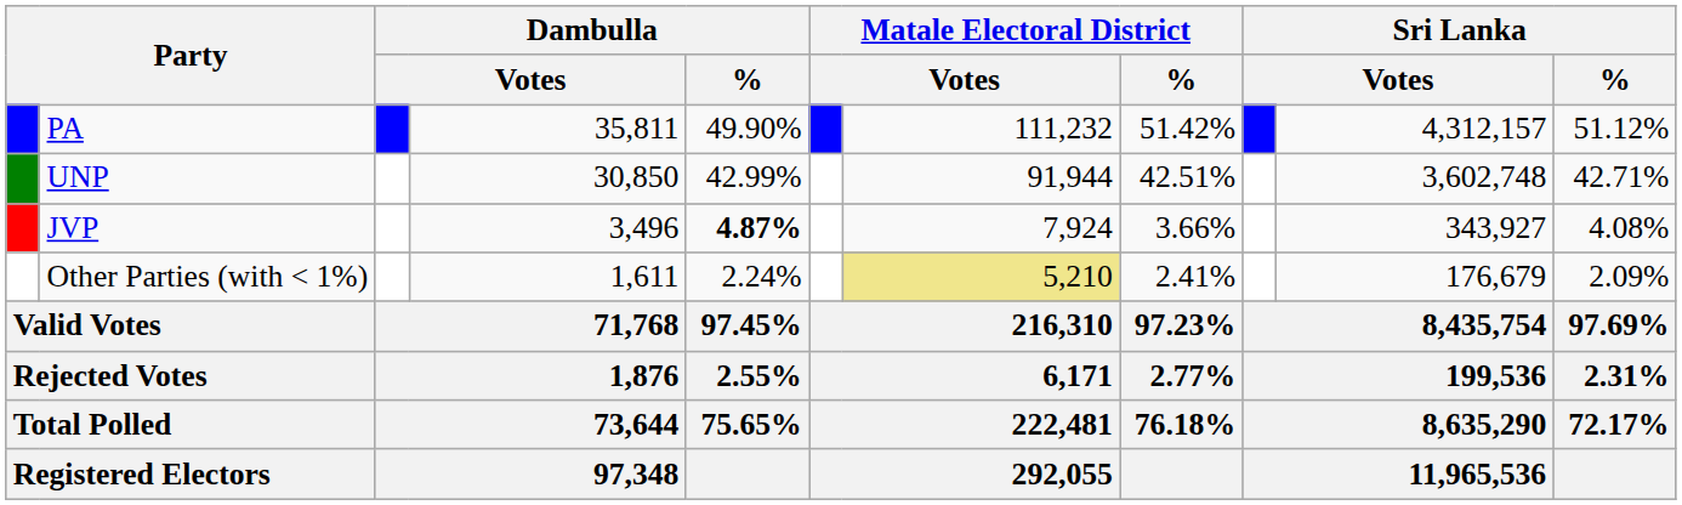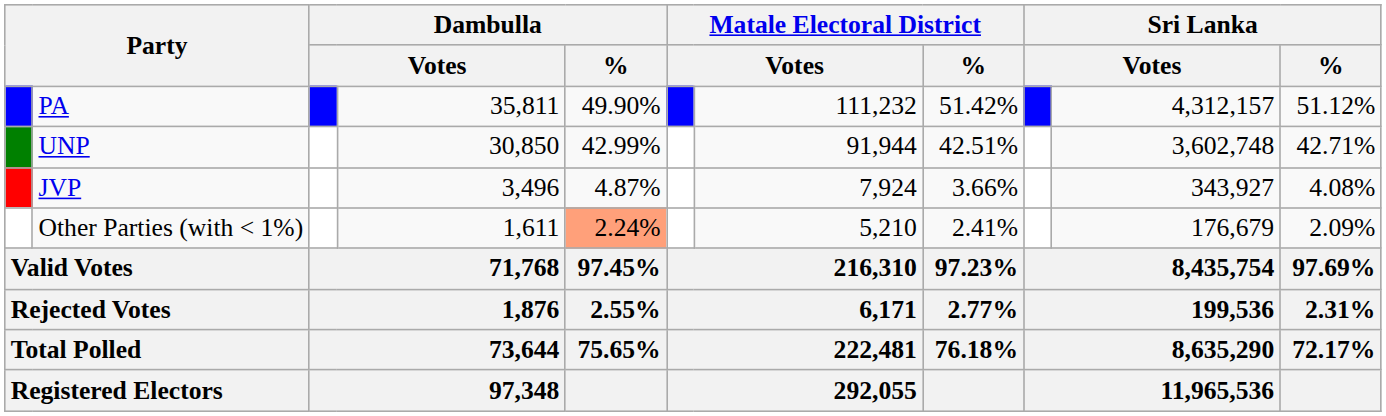 <table class="wikitable">
 <tr>
 <th colspan="2" width="144px"rowspan="2">Party</th>
 <th colspan="3" width="216px">Dambulla</th>
 <th colspan="3" width="216px"><a href='#'>Matale Electoral District</a></th>
 <th colspan="3" width="216px">Sri Lanka</th>
 </tr>
 <tr>
 <th colspan="2" width="144px">Votes</th>
 <th>%</th>
 <th colspan="2" width="144px">Votes</th>
 <th>%</th>
 <th colspan="2" width="144px">Votes</th>
 <th>%</th>
 </tr>
 <tr>
 <td style="background-color:blue;" width="10px"></td>
 <td style="text-align:left;"><a href='#'>PA</a></td>
 <td style="background-color:blue;" width="10px"></td>
 <td style="text-align:right;">35,811</td>
 <td style="text-align:right;">49.90%</td>
 <td style="background-color:blue;" width="10px"></td>
 <td style="text-align:right;">111,232</td>
 <td style="text-align:right;">51.42%</td>
 <td style="background-color:blue;" width="10px"></td>
 <td style="text-align:right;">4,312,157</td>
 <td style="text-align:right;">51.12%</td>
 </tr>
 <tr>
 <td style="background-color:green;" width="10px"></td>
 <td style="text-align:left;"><a href='#'>UNP</a></td>
 <td style="background-color:white;" width="10px"></td>
 <td style="text-align:right;">30,850</td>
 <td style="text-align:right;">42.99%</td>
 <td style="background-color:white;" width="10px"></td>
 <td style="text-align:right;">91,944</td>
 <td style="text-align:right;">42.51%</td>
 <td style="background-color:white;" width="10px"></td>
 <td style="text-align:right;">3,602,748</td>
 <td style="text-align:right;">42.71%</td>
 </tr>
 <tr>
 <td style="background-color:red;" width="10px"></td>
 <td style="text-align:left;"><a href='#'>JVP</a></td>
 <td style="background-color:white;" width="10px"></td>
 <td style="text-align:right;">3,496</td>
-<td style="text-align:right;"><strong>4.87%</strong></td>
+<td style="text-align:right;">4.87%</td>
 <td style="background-color:white;" width="10px"></td>
 <td style="text-align:right;">7,924</td>
 <td style="text-align:right;">3.66%</td>
 <td style="background-color:white;" width="10px"></td>
 <td style="text-align:right;">343,927</td>
 <td style="text-align:right;">4.08%</td>
 </tr>
 <tr>
 <td style="background-color:white;" width="10px"></td>
 <td style="text-align:left;">Other Parties (with < 1%)</td>
 <td style="background-color:white;" width="10px"></td>
 <td style="text-align:right;">1,611</td>
-<td style="text-align:right;">2.24%</td>
+<td style="background: lightsalmon; text-align:right;">2.24%</td>
 <td style="background-color:white;" width="10px"></td>
-<td style="background: khaki; text-align:right;">5,210</td>
+<td style="text-align:right;">5,210</td>
 <td style="text-align:right;">2.41%</td>
 <td style="background-color:white;" width="10px"></td>
 <td style="text-align:right;">176,679</td>
 <td style="text-align:right;">2.09%</td>
 </tr>
 <tr>
 <th colspan="2" width="144px"style="text-align:left;">Valid Votes</th>
 <th style="text-align:right;"colspan="2" width="144px">71,768</th>
 <th style="text-align:right;">97.45%</th>
 <th style="text-align:right;"colspan="2" width="144px">216,310</th>
 <th style="text-align:right;">97.23%</th>
 <th style="text-align:right;"colspan="2" width="144px">8,435,754</th>
 <th style="text-align:right;">97.69%</th>
 </tr>
 <tr>
 <th colspan="2" width="144px"style="text-align:left;">Rejected Votes</th>
 <th style="text-align:right;"colspan="2" width="144px">1,876</th>
 <th style="text-align:right;">2.55%</th>
 <th style="text-align:right;"colspan="2" width="144px">6,171</th>
 <th style="text-align:right;">2.77%</th>
 <th style="text-align:right;"colspan="2" width="144px">199,536</th>
 <th style="text-align:right;">2.31%</th>
 </tr>
 <tr>
 <th colspan="2" width="144px"style="text-align:left;">Total Polled</th>
 <th style="text-align:right;"colspan="2" width="144px">73,644</th>
 <th style="text-align:right;">75.65%</th>
 <th style="text-align:right;"colspan="2" width="144px">222,481</th>
 <th style="text-align:right;">76.18%</th>
 <th style="text-align:right;"colspan="2" width="144px">8,635,290</th>
 <th style="text-align:right;">72.17%</th>
 </tr>
 <tr>
 <th colspan="2" width="144px"style="text-align:left;">Registered Electors</th>
 <th style="text-align:right;"colspan="2" width="144px">97,348</th>
 <th></th>
 <th style="text-align:right;"colspan="2" width="144px">292,055</th>
 <th></th>
 <th style="text-align:right;"colspan="2" width="144px">11,965,536</th>
 <th></th>
 </tr>
 </table>
